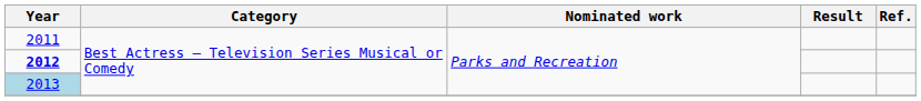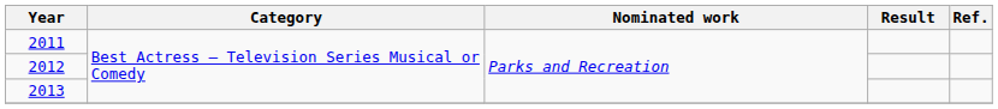 <table class=wikitable>
 <tr>
 <th scope="col" style="width:5em;">Year</th>
 <th scope="col" style="width:26em;">Category</th>
 <th scope="col" style="width:25em;">Nominated work</th>
 <th scope="col" style="width:5em;">Result</th>
 <th>Ref.</th>
 </tr>
 <tr>
 <td style="text-align:center;"><a href='#'>2011</a></td>
 <td rowspan=3><a href='#'>Best Actress — Television Series Musical or Comedy</a></td>
 <td rowspan=3><em><a href='#'>Parks and Recreation</a></em></td>
 <td></td>
 <td></td>
 </tr>
 <tr>
-<td style="text-align:center;"><strong><a href='#'>2012</a></strong></td>
+<td style="text-align:center;"><a href='#'>2012</a></td>
 <td></td>
 <td></td>
 </tr>
 <tr>
-<td style="background: lightblue; text-align:center;"><a href='#'>2013</a></td>
+<td style="text-align:center;"><a href='#'>2013</a></td>
 <td></td>
 <td></td>
 </tr>
 <tr>
 </tr>
 </table>
